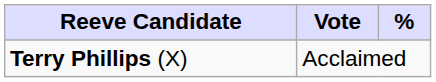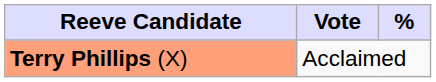 <table class="wikitable">
 <tr>
 <th style="background:#ddf; width:200px;">Reeve Candidate</th>
 <th style="background:#ddf; width:50px;">Vote</th>
 <th style="background:#ddf; width:30px;">%</th>
 </tr>
 <tr>
-<td><strong>Terry Phillips</strong> (X)</td>
+<td style="background: lightsalmon;"><strong>Terry Phillips</strong> (X)</td>
 <td colspan="2">Acclaimed</td>
 </tr>
 </table>
